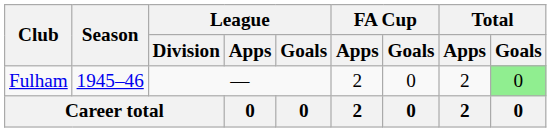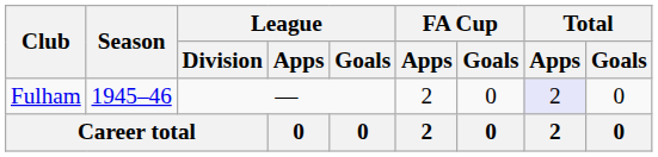 <table class="wikitable" style="text-align:center">
 <tr>
 <th rowspan="2">Club</th>
 <th rowspan="2">Season</th>
 <th colspan="3">League</th>
 <th colspan="2">FA Cup</th>
 <th colspan="2">Total</th>
 </tr>
 <tr>
 <th>Division</th>
 <th>Apps</th>
 <th>Goals</th>
 <th>Apps</th>
 <th>Goals</th>
 <th>Apps</th>
 <th>Goals</th>
 </tr>
 <tr>
 <td><a href='#'>Fulham</a></td>
 <td><a href='#'>1945–46</a></td>
 <td colspan="3">―</td>
 <td>2</td>
 <td>0</td>
-<td>2</td>
-<td style="background: lightgreen;">0</td>
+<td style="background: lavender;">2</td>
+<td>0</td>
 </tr>
 <tr>
 <th colspan="3">Career total</th>
 <th>0</th>
 <th>0</th>
 <th>2</th>
 <th>0</th>
 <th>2</th>
 <th>0</th>
 </tr>
 </table>
